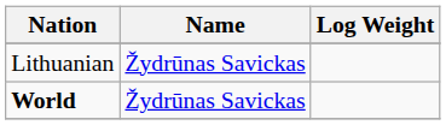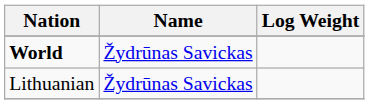 <table class="wikitable" style="display: inline-table">
 <tr>
 <th>Nation</th>
 <th>Name</th>
 <th>Log Weight</th>
 </tr>
 <tr>
 </tr>
 <tr>
-<td> Lithuanian</td>
+<td><strong>World</strong></td>
 <td><a href='#'>Žydrūnas Savickas</a></td>
 <td></td>
 </tr>
 <tr>
-<td><strong>World</strong></td>
+<td> Lithuanian</td>
 <td><a href='#'>Žydrūnas Savickas</a></td>
 <td></td>
 </tr>
 <tr>
 </tr>
 </table>
